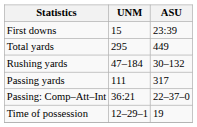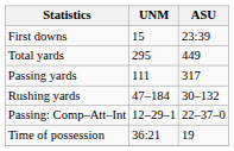 <table class="wikitable" style="float: left;">
 <tr>
 <th>Statistics</th>
 <th>UNM</th>
 <th>ASU</th>
 </tr>
 <tr>
 <td>First downs</td>
 <td>15</td>
 <td>23:39</td>
 </tr>
 <tr>
 <td>Total yards</td>
 <td>295</td>
 <td>449</td>
 </tr>
 <tr>
+<td>Passing yards</td>
+<td>111</td>
+<td>317</td>
+</tr>
+<tr>
 <td>Rushing yards</td>
 <td>47–184</td>
 <td>30–132</td>
 </tr>
 <tr>
-<td>Passing yards</td>
-<td>111</td>
-<td>317</td>
-</tr>
-<tr>
 <td>Passing: Comp–Att–Int</td>
-<td>36:21</td>
+<td>12–29–1</td>
 <td>22–37–0</td>
 </tr>
 <tr>
 <td>Time of possession</td>
-<td>12–29–1</td>
+<td>36:21</td>
 <td>19</td>
 </tr>
 <tr>
 </tr>
 </table>
